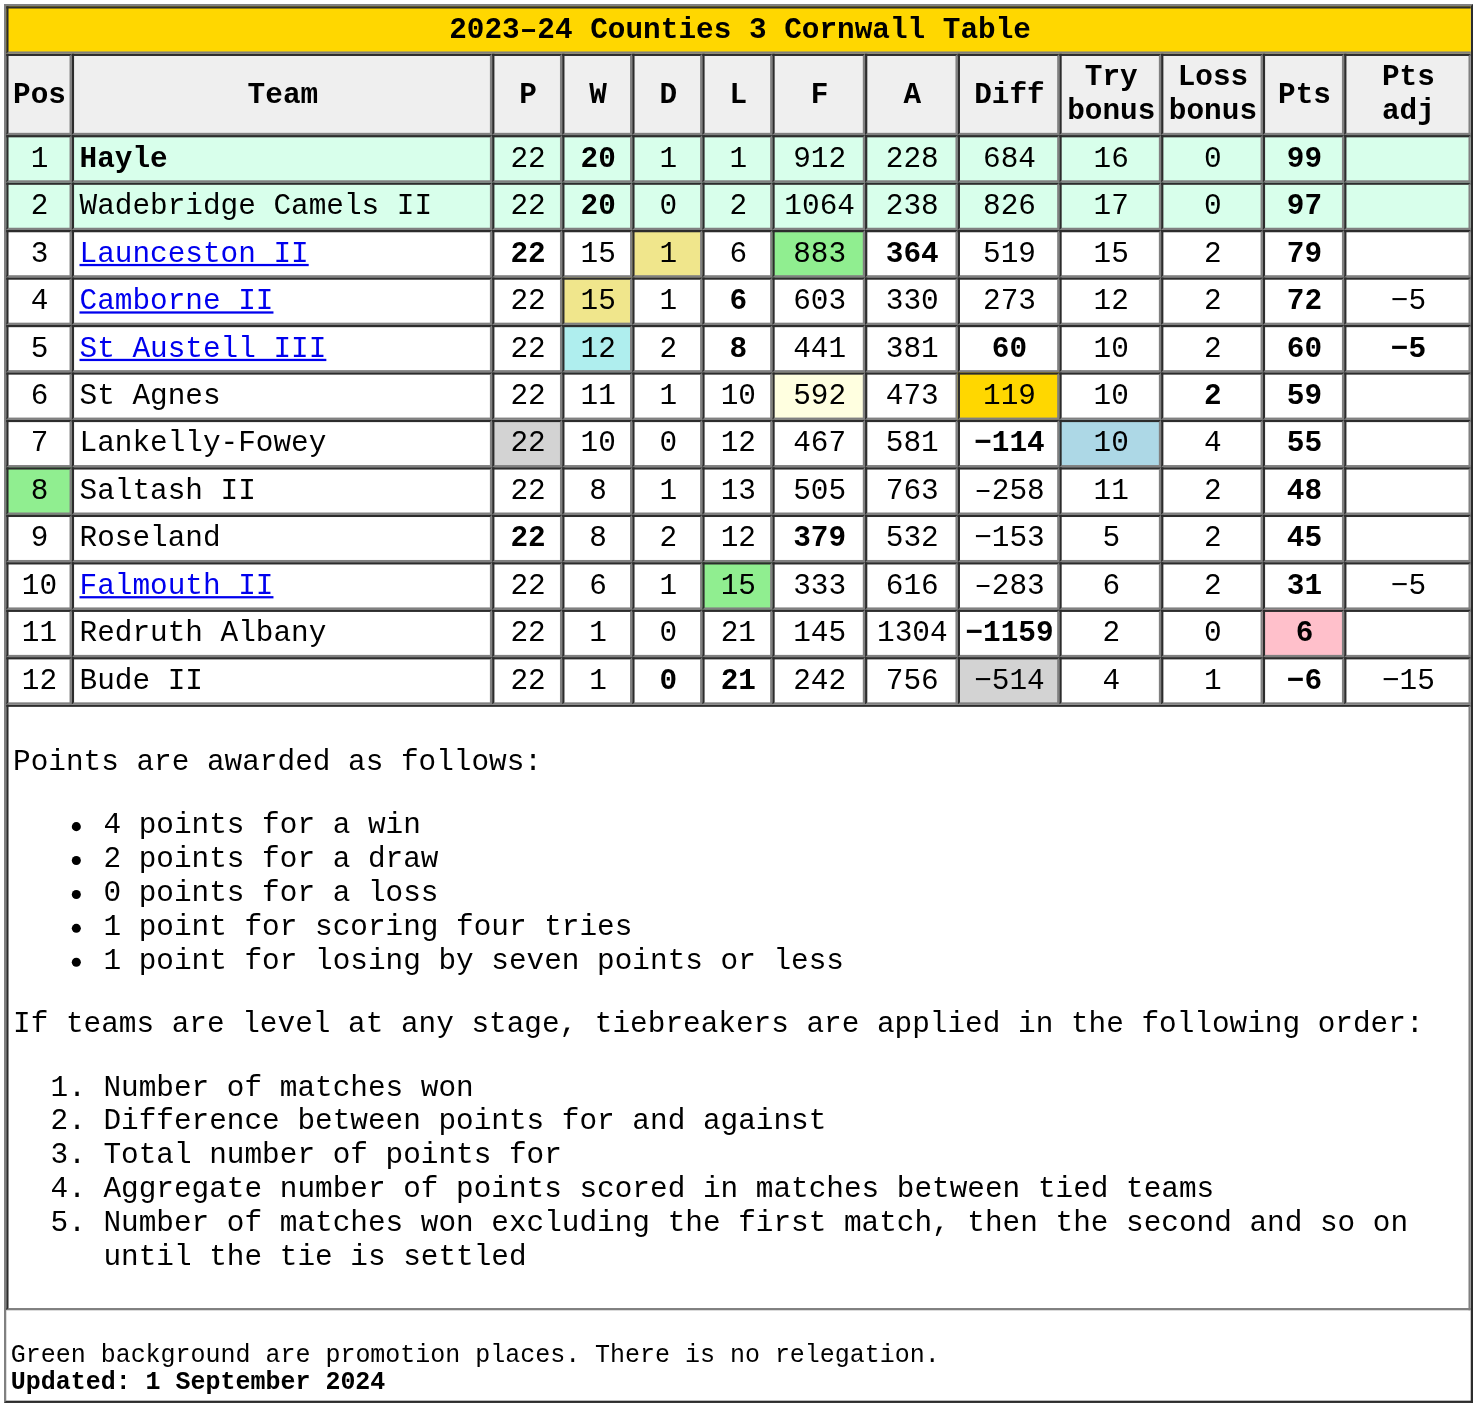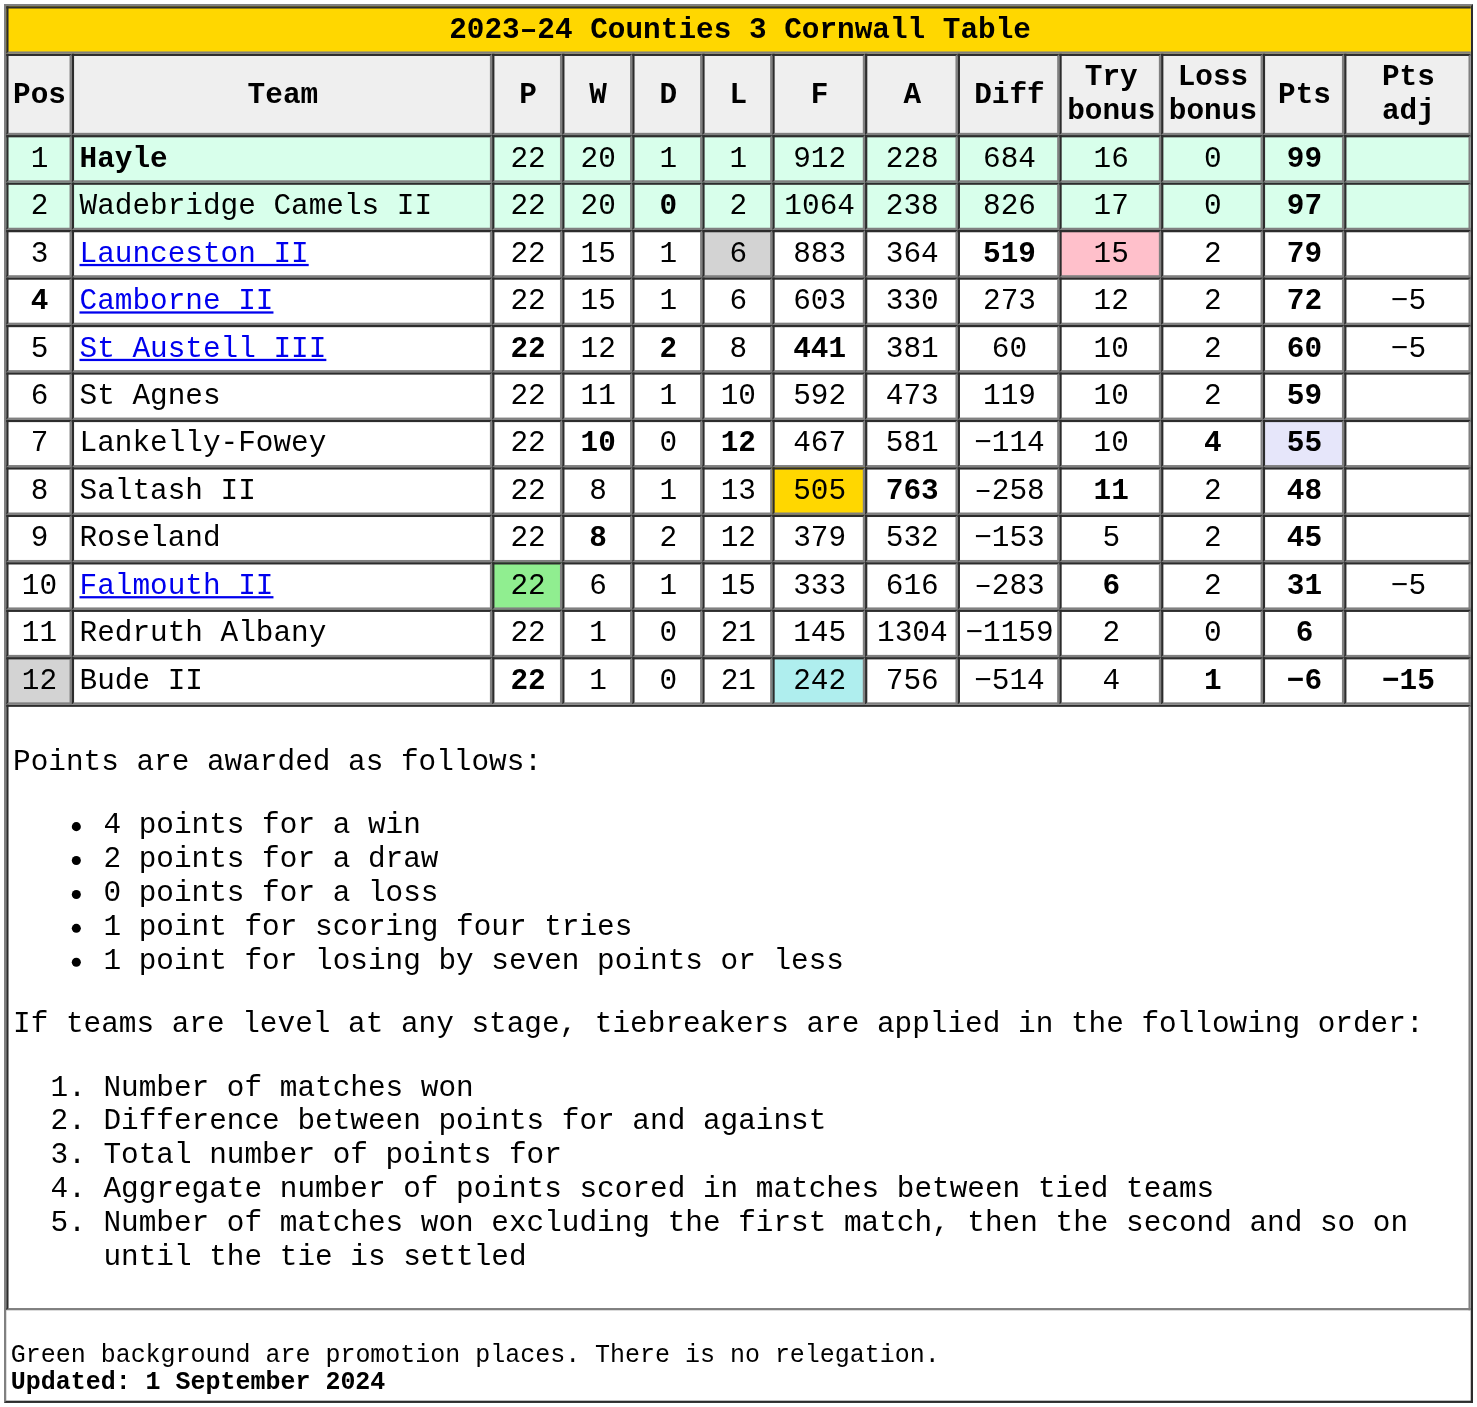 <table border="1" cellpadding="2" cellspacing="0">
 <tr bgcolor="gold">
 <th colspan=13 style="border-right:0px;";>2023–24 Counties 3 Cornwall Table</th>
 </tr>
 <tr bgcolor="#efefef">
 <th width="20">Pos</th>
 <th width="180">Team</th>
 <th width="25">P</th>
 <th width="25">W</th>
 <th width="25">D</th>
 <th width="25">L</th>
 <th width="35">F</th>
 <th width="35">A</th>
 <th width="35">Diff</th>
 <th width="35">Try bonus</th>
 <th width="35">Loss bonus</th>
 <th width="30">Pts</th>
 <th width="50">Pts adj</th>
 </tr>
 <tr bgcolor=#d8ffeb align=center>
 <td>1</td>
 <td align=left><strong>Hayle</strong></td>
 <td>22</td>
-<td><strong>20</strong></td>
+<td>20</td>
 <td>1</td>
 <td>1</td>
 <td>912</td>
 <td>228</td>
 <td>684</td>
 <td>16</td>
 <td>0</td>
 <td><strong>99</strong></td>
 <td></td>
 </tr>
 <tr bgcolor=#d8ffeb align=center align=center>
 <td>2</td>
 <td align=left>Wadebridge Camels II</td>
 <td>22</td>
-<td><strong>20</strong></td>
-<td>0</td>
+<td>20</td>
+<td><strong>0</strong></td>
 <td>2</td>
 <td>1064</td>
 <td>238</td>
 <td>826</td>
 <td>17</td>
 <td>0</td>
 <td><strong>97</strong></td>
 <td></td>
 </tr>
 <tr align=center>
 <td>3</td>
 <td align=left><a href='#'>Launceston II</a></td>
-<td><strong>22</strong></td>
+<td>22</td>
 <td>15</td>
-<td style="background: khaki;">1</td>
-<td>6</td>
-<td style="background: lightgreen;">883</td>
-<td><strong>364</strong></td>
-<td>519</td>
-<td>15</td>
+<td>1</td>
+<td style="background: lightgrey;">6</td>
+<td>883</td>
+<td>364</td>
+<td><strong>519</strong></td>
+<td style="background: pink;">15</td>
 <td>2</td>
 <td><strong>79</strong></td>
 <td></td>
 </tr>
 <tr align=center>
-<td>4</td>
+<td><strong>4</strong></td>
 <td align=left><a href='#'>Camborne II</a></td>
 <td>22</td>
-<td style="background: khaki;">15</td>
+<td>15</td>
 <td>1</td>
-<td><strong>6</strong></td>
+<td>6</td>
 <td>603</td>
 <td>330</td>
 <td>273</td>
 <td>12</td>
 <td>2</td>
 <td><strong>72</strong></td>
 <td>−5</td>
 </tr>
 <tr align=center>
 <td>5</td>
 <td align=left><a href='#'>St Austell III</a></td>
-<td>22</td>
-<td style="background: paleturquoise;">12</td>
-<td>2</td>
-<td><strong>8</strong></td>
-<td>441</td>
+<td><strong>22</strong></td>
+<td>12</td>
+<td><strong>2</strong></td>
+<td>8</td>
+<td><strong>441</strong></td>
 <td>381</td>
-<td><strong>60</strong></td>
+<td>60</td>
 <td>10</td>
 <td>2</td>
 <td><strong>60</strong></td>
-<td><strong>−5</strong></td>
+<td>−5</td>
 </tr>
 <tr align=center>
 <td>6</td>
 <td align=left>St Agnes</td>
 <td>22</td>
 <td>11</td>
 <td>1</td>
 <td>10</td>
-<td style="background: lightyellow;">592</td>
+<td>592</td>
 <td>473</td>
-<td style="background: gold;">119</td>
+<td>119</td>
 <td>10</td>
-<td><strong>2</strong></td>
+<td>2</td>
 <td><strong>59</strong></td>
 <td></td>
 </tr>
 <tr align=center>
 <td>7</td>
 <td align=left>Lankelly-Fowey</td>
-<td style="background: lightgrey;">22</td>
-<td>10</td>
+<td>22</td>
+<td><strong>10</strong></td>
 <td>0</td>
-<td>12</td>
+<td><strong>12</strong></td>
 <td>467</td>
 <td>581</td>
-<td><strong>−114</strong></td>
-<td style="background: lightblue;">10</td>
-<td>4</td>
-<td><strong>55</strong></td>
+<td>−114</td>
+<td>10</td>
+<td><strong>4</strong></td>
+<td style="background: lavender;"><strong>55</strong></td>
 <td></td>
 </tr>
 <tr align=center>
-<td style="background: lightgreen;">8</td>
+<td>8</td>
 <td align=left>Saltash II</td>
 <td>22</td>
 <td>8</td>
 <td>1</td>
 <td>13</td>
-<td>505</td>
-<td>763</td>
+<td style="background: gold;">505</td>
+<td><strong>763</strong></td>
 <td>–258</td>
-<td>11</td>
+<td><strong>11</strong></td>
 <td>2</td>
 <td><strong>48</strong></td>
 <td></td>
 </tr>
 <tr align=center>
 <td>9</td>
 <td align=left>Roseland</td>
-<td><strong>22</strong></td>
-<td>8</td>
+<td>22</td>
+<td><strong>8</strong></td>
 <td>2</td>
 <td>12</td>
-<td><strong>379</strong></td>
+<td>379</td>
 <td>532</td>
 <td>−153</td>
 <td>5</td>
 <td>2</td>
 <td><strong>45</strong></td>
 <td></td>
 </tr>
 <tr align=center>
 <td>10</td>
 <td align=left><a href='#'>Falmouth II</a></td>
-<td>22</td>
+<td style="background: lightgreen;">22</td>
 <td>6</td>
 <td>1</td>
-<td style="background: lightgreen;">15</td>
+<td>15</td>
 <td>333</td>
 <td>616</td>
 <td>–283</td>
-<td>6</td>
+<td><strong>6</strong></td>
 <td>2</td>
 <td><strong>31</strong></td>
 <td>−5</td>
 </tr>
 <tr align=center>
 <td>11</td>
 <td align=left>Redruth Albany</td>
 <td>22</td>
 <td>1</td>
 <td>0</td>
 <td>21</td>
 <td>145</td>
 <td>1304</td>
-<td><strong>−1159</strong></td>
+<td>−1159</td>
 <td>2</td>
 <td>0</td>
-<td style="background: pink;"><strong>6</strong></td>
+<td><strong>6</strong></td>
 <td></td>
 </tr>
 <tr align=center>
-<td>12</td>
+<td style="background: lightgrey;">12</td>
 <td align=left>Bude II</td>
-<td>22</td>
+<td><strong>22</strong></td>
 <td>1</td>
-<td><strong>0</strong></td>
-<td><strong>21</strong></td>
-<td>242</td>
+<td>0</td>
+<td>21</td>
+<td style="background: paleturquoise;">242</td>
 <td>756</td>
-<td style="background: lightgrey;">−514</td>
+<td>−514</td>
 <td>4</td>
-<td>1</td>
+<td><strong>1</strong></td>
 <td><strong>−6</strong></td>
-<td>−15</td>
+<td><strong>−15</strong></td>
 </tr>
 <tr>
 </tr>
 <tr bgcolor=#ffffff>
 <td colspan="13"><br>Points are awarded as follows:<ul><li>4 points for a win</li><li>2 points for a draw</li><li>0 points for a loss</li><li>1 point for scoring four tries</li><li>1 point for losing by seven points or less</li></ul>If teams are level at any stage, tiebreakers are applied in the following order:<ol><li>Number of matches won</li><li>Difference between points for and against</li><li>Total number of points for</li><li>Aggregate number of points scored in matches between tied teams</li><li>Number of matches won excluding the first match, then the second and so on until the tie is settled</li></ol></td>
 </tr>
 <tr |align=left|>
 <td colspan="15" style="border:0px;font-size:85%;"><br><span>Green background</span> are promotion places. There is no relegation. <br> <strong>Updated: 1 September 2024</strong></td>
 </tr>
 </table>
